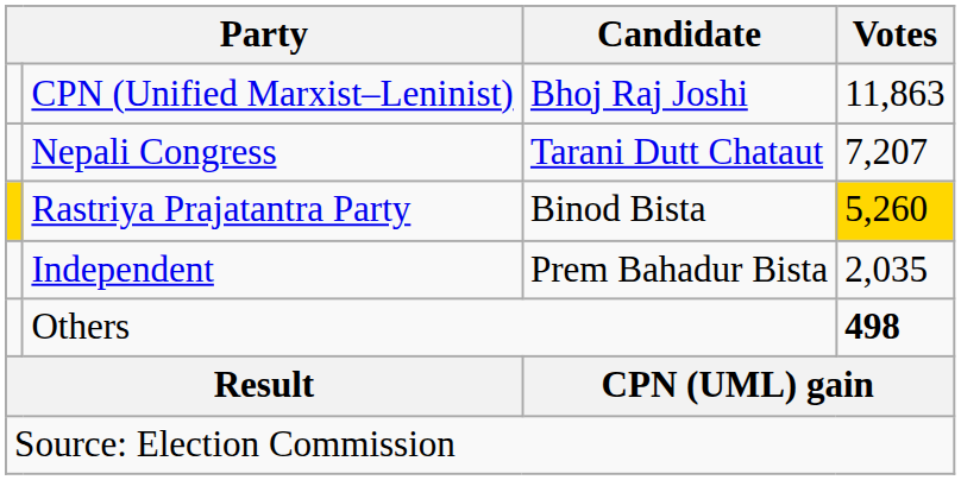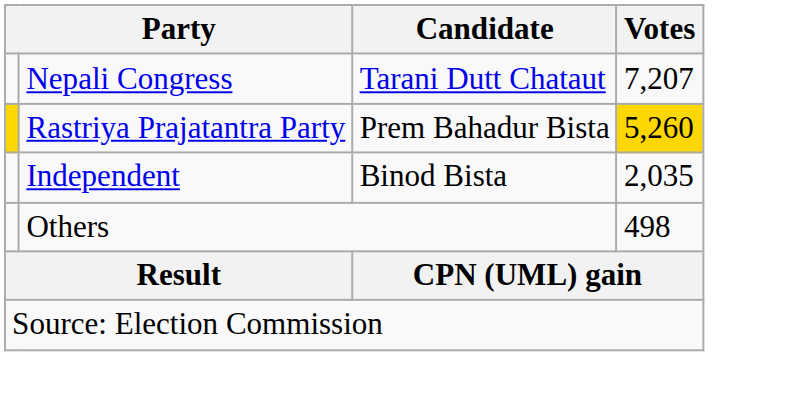 <table class="wikitable">
 <tr>
 <th colspan="2">Party</th>
 <th>Candidate</th>
 <th>Votes</th>
-</tr>
-<tr>
-<td style="background-color:"></td>
-<td><a href='#'>CPN (Unified Marxist–Leninist)</a></td>
-<td><a href='#'>Bhoj Raj Joshi</a></td>
-<td>11,863</td>
 </tr>
 <tr>
 <td style="background-color:"></td>
 <td><a href='#'>Nepali Congress</a></td>
 <td><a href='#'>Tarani Dutt Chataut</a></td>
 <td>7,207</td>
 </tr>
 <tr>
 <td style="background-color:gold"></td>
 <td><a href='#'>Rastriya Prajatantra Party</a></td>
-<td>Binod Bista</td>
+<td>Prem Bahadur Bista</td>
 <td style="background: gold;">5,260</td>
 </tr>
 <tr>
 <td style="background-color:"></td>
 <td><a href='#'>Independent</a></td>
-<td>Prem Bahadur Bista</td>
+<td>Binod Bista</td>
 <td>2,035</td>
 </tr>
 <tr>
 <td></td>
 <td colspan="2">Others</td>
-<td><strong>498</strong></td>
+<td>498</td>
 </tr>
 <tr>
 <th colspan="2">Result</th>
 <th colspan="2">CPN (UML) gain</th>
 </tr>
 <tr>
 <td colspan="4">Source: Election Commission</td>
 </tr>
 </table>
